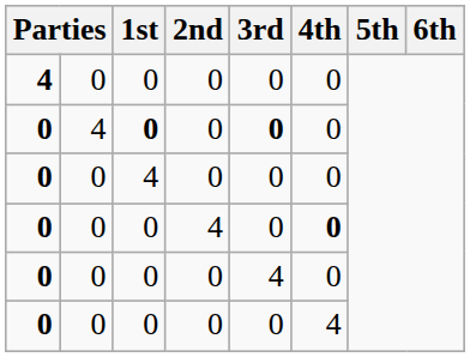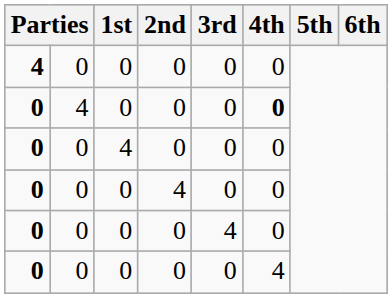 <table class="wikitable" style="text-align:right;">
 <tr>
 <th colspan=2 style="text-align:left;">Parties</th>
 <th>1st</th>
 <th>2nd</th>
 <th>3rd</th>
 <th>4th</th>
 <th>5th</th>
 <th>6th</th>
 </tr>
 <tr>
 <td><strong>4</strong></td>
 <td>0</td>
 <td>0</td>
 <td>0</td>
 <td>0</td>
 <td>0</td>
 </tr>
 <tr>
 <td><strong>0</strong></td>
 <td>4</td>
-<td><strong>0</strong></td>
+<td>0</td>
+<td>0</td>
 <td>0</td>
 <td><strong>0</strong></td>
-<td>0</td>
 </tr>
 <tr>
 <td><strong>0</strong></td>
 <td>0</td>
 <td>4</td>
 <td>0</td>
 <td>0</td>
 <td>0</td>
 </tr>
 <tr>
 <td><strong>0</strong></td>
 <td>0</td>
 <td>0</td>
 <td>4</td>
 <td>0</td>
-<td><strong>0</strong></td>
+<td>0</td>
 </tr>
 <tr>
 <td><strong>0</strong></td>
 <td>0</td>
 <td>0</td>
 <td>0</td>
 <td>4</td>
 <td>0</td>
 </tr>
 <tr>
 <td><strong>0</strong></td>
 <td>0</td>
 <td>0</td>
 <td>0</td>
 <td>0</td>
 <td>4</td>
 </tr>
 </table>
